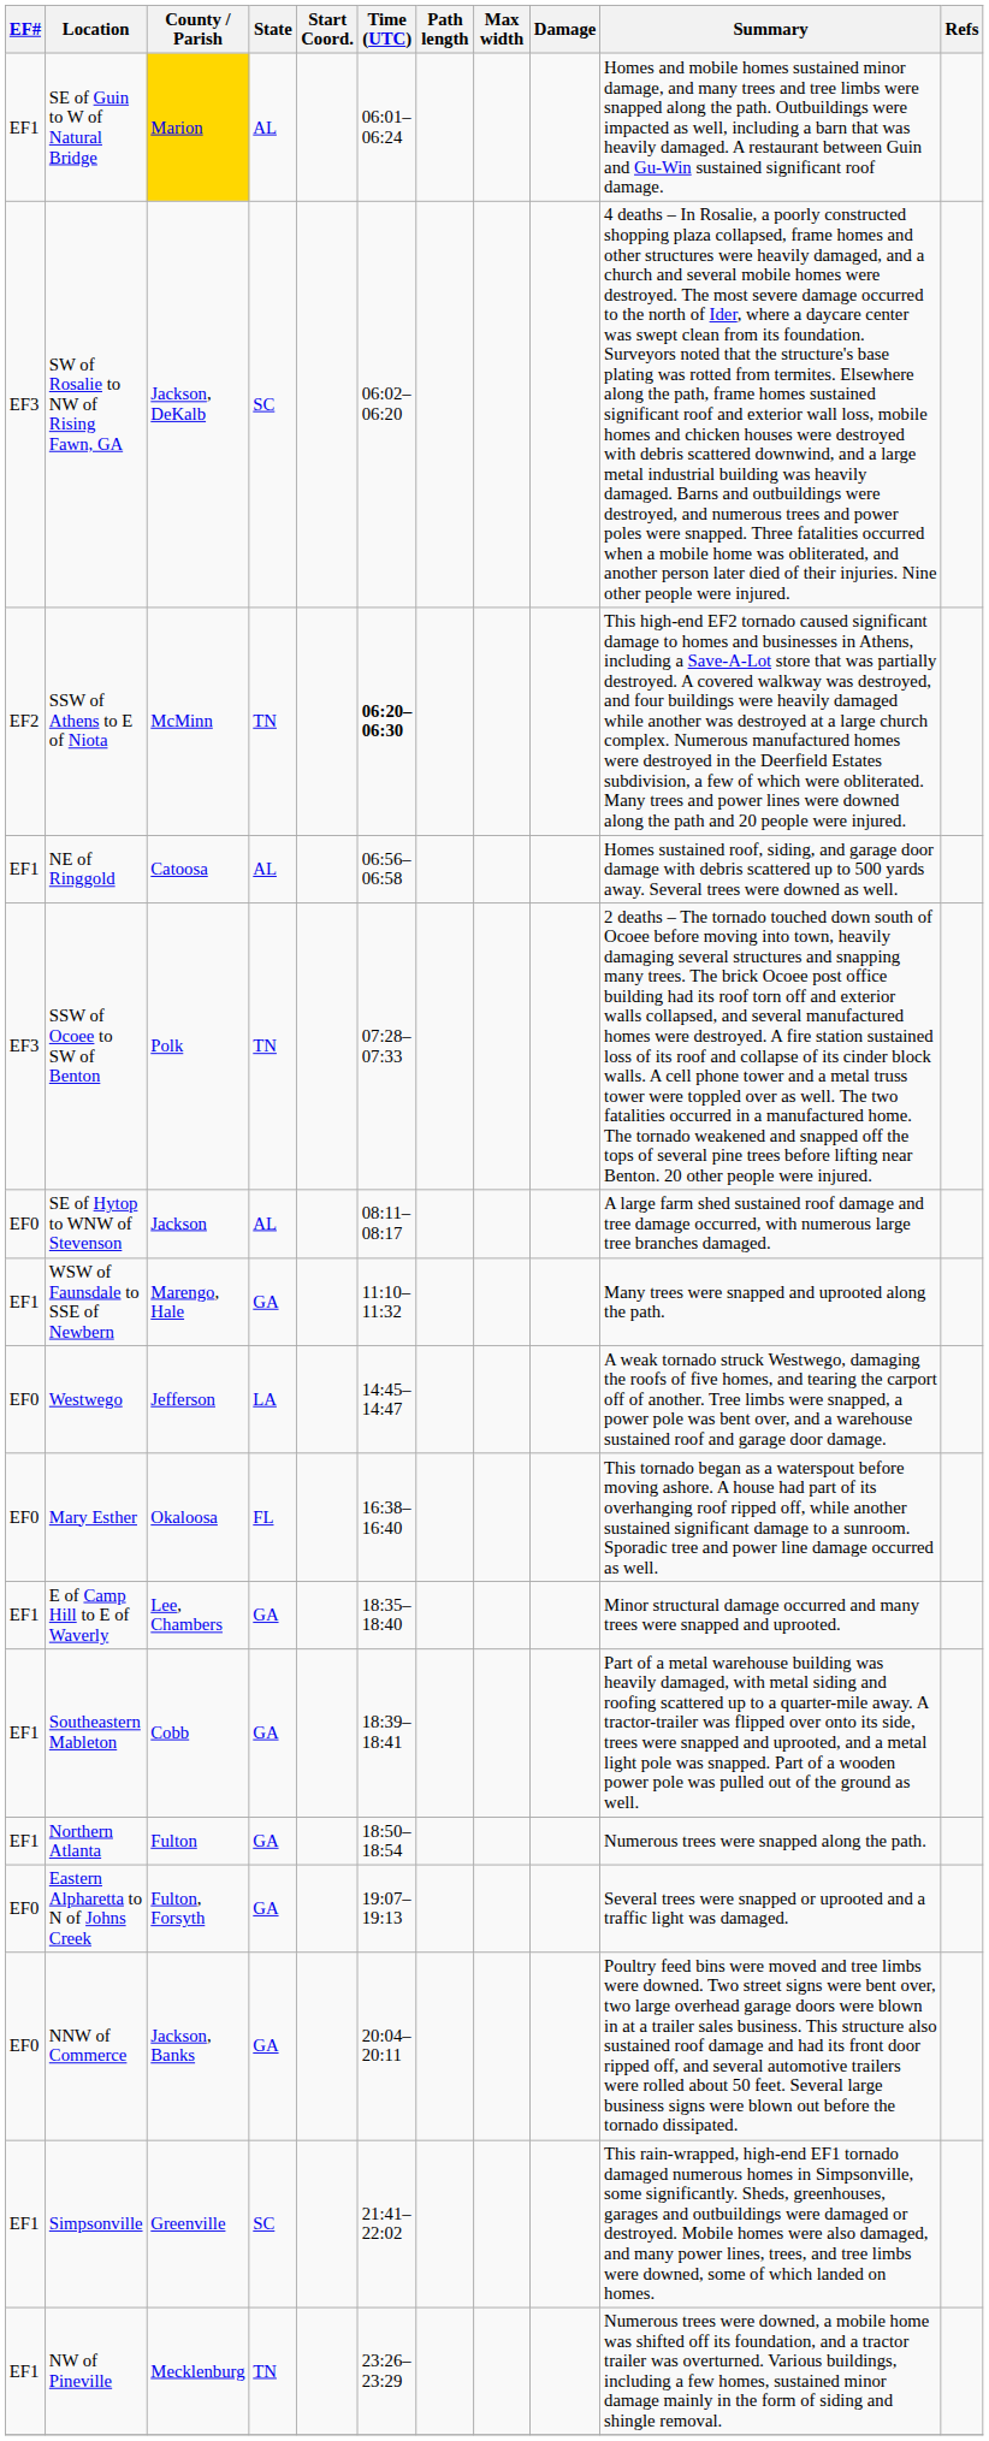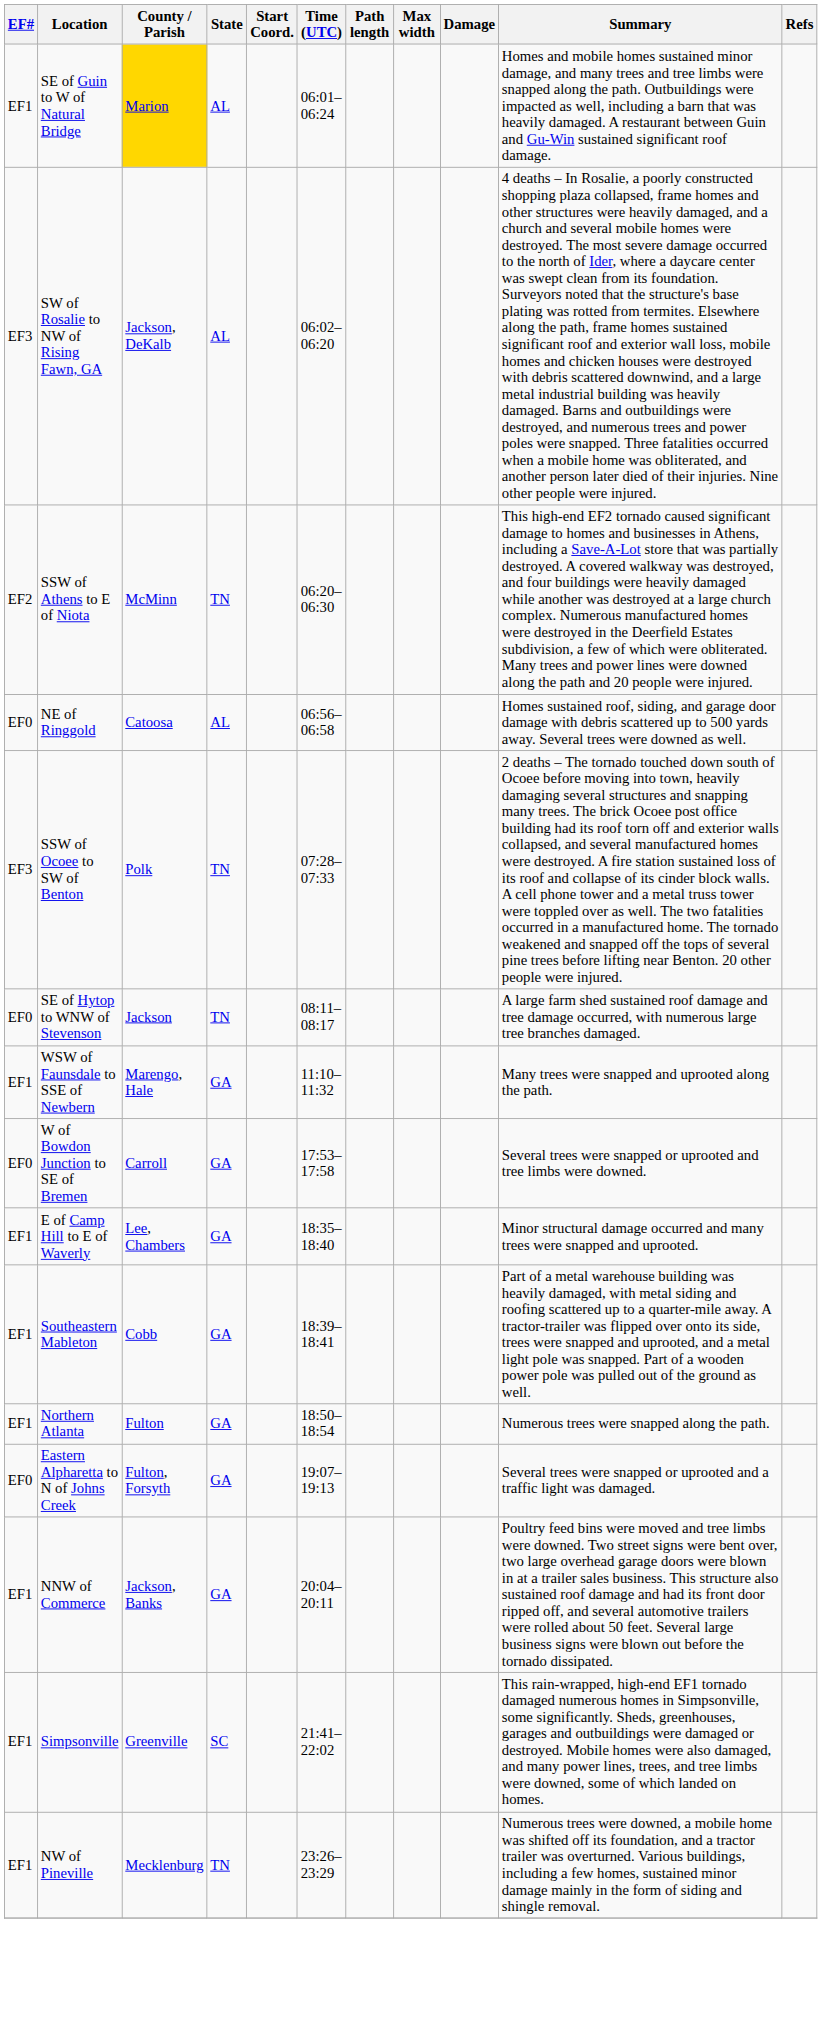 <table class="wikitable sortable" style="width:100%;">
 <tr>
 <th scope="col"  style="width:3%; text-align:center;"><a href='#'>EF#</a></th>
 <th scope="col"  style="width:7%; text-align:center;" class="unsortable">Location</th>
 <th scope="col"  style="width:6%; text-align:center;" class="unsortable">County / Parish</th>
 <th scope="col"  style="width:5%; text-align:center;">State</th>
 <th scope="col"  style="width:6%; text-align:center;">Start Coord.</th>
 <th scope="col"  style="width:6%; text-align:center;">Time (<a href='#'>UTC</a>)</th>
 <th scope="col"  style="width:6%; text-align:center;">Path length</th>
 <th scope="col"  style="width:6%; text-align:center;">Max width</th>
 <th scope="col"  style="width:6%; text-align:center;">Damage</th>
 <th scope="col" class="unsortable" style="width:48%; text-align:center;">Summary</th>
 <th scope="col" class="unsortable" style="width:48%; text-align:center;">Refs</th>
 </tr>
 <tr>
 <td>EF1</td>
 <td>SE of <a href='#'>Guin</a> to W of <a href='#'>Natural Bridge</a></td>
 <td style="background: gold;"><a href='#'>Marion</a></td>
 <td><a href='#'>AL</a></td>
 <td></td>
 <td>06:01–06:24</td>
 <td></td>
 <td></td>
 <td></td>
 <td>Homes and mobile homes sustained minor damage, and many trees and tree limbs were snapped along the path. Outbuildings were impacted as well, including a barn that was heavily damaged. A restaurant between Guin and <a href='#'>Gu-Win</a> sustained significant roof damage.</td>
 <td></td>
 </tr>
 <tr>
 <td>EF3</td>
 <td>SW of <a href='#'>Rosalie</a> to NW of <a href='#'>Rising Fawn, GA</a></td>
 <td><a href='#'>Jackson</a>, <a href='#'>DeKalb</a></td>
-<td><a href='#'>SC</a></td>
+<td><a href='#'>AL</a></td>
 <td></td>
 <td>06:02–06:20</td>
 <td></td>
 <td></td>
 <td></td>
 <td>4 deaths – In Rosalie, a poorly constructed shopping plaza collapsed, frame homes and other structures were heavily damaged, and a church and several mobile homes were destroyed. The most severe damage occurred to the north of <a href='#'>Ider</a>, where a daycare center was swept clean from its foundation. Surveyors noted that the structure's base plating was rotted from termites. Elsewhere along the path, frame homes sustained significant roof and exterior wall loss, mobile homes and chicken houses were destroyed with debris scattered downwind, and a large metal industrial building was heavily damaged. Barns and outbuildings were destroyed, and numerous trees and power poles were snapped. Three fatalities occurred when a mobile home was obliterated, and another person later died of their injuries. Nine other people were injured.</td>
 <td></td>
 </tr>
 <tr>
 <td>EF2</td>
 <td>SSW of <a href='#'>Athens</a> to E of <a href='#'>Niota</a></td>
 <td><a href='#'>McMinn</a></td>
 <td><a href='#'>TN</a></td>
 <td></td>
-<td><strong>06:20–06:30</strong></td>
+<td>06:20–06:30</td>
 <td></td>
 <td></td>
 <td></td>
 <td>This high-end EF2 tornado caused significant damage to homes and businesses in Athens, including a <a href='#'>Save-A-Lot</a> store that was partially destroyed. A covered walkway was destroyed, and four buildings were heavily damaged while another was destroyed at a large church complex. Numerous manufactured homes were destroyed in the Deerfield Estates subdivision, a few of which were obliterated. Many trees and power lines were downed along the path and 20 people were injured.</td>
 <td></td>
 </tr>
 <tr>
-<td>EF1</td>
+<td>EF0</td>
 <td>NE of <a href='#'>Ringgold</a></td>
 <td><a href='#'>Catoosa</a></td>
 <td><a href='#'>AL</a></td>
 <td></td>
 <td>06:56–06:58</td>
 <td></td>
 <td></td>
 <td></td>
 <td>Homes sustained roof, siding, and garage door damage with debris scattered up to 500 yards away. Several trees were downed as well.</td>
 <td></td>
 </tr>
 <tr>
 <td>EF3</td>
 <td>SSW of <a href='#'>Ocoee</a> to SW of <a href='#'>Benton</a></td>
 <td><a href='#'>Polk</a></td>
 <td><a href='#'>TN</a></td>
 <td></td>
 <td>07:28–07:33</td>
 <td></td>
 <td></td>
 <td></td>
 <td>2 deaths – The tornado touched down south of Ocoee before moving into town, heavily damaging several structures and snapping many trees. The brick Ocoee post office building had its roof torn off and exterior walls collapsed, and several manufactured homes were destroyed. A fire station sustained loss of its roof and collapse of its cinder block walls. A cell phone tower and a metal truss tower were toppled over as well. The two fatalities occurred in a manufactured home. The tornado weakened and snapped off the tops of several pine trees before lifting near Benton. 20 other people were injured.</td>
 <td></td>
 </tr>
 <tr>
 <td>EF0</td>
 <td>SE of <a href='#'>Hytop</a> to WNW of <a href='#'>Stevenson</a></td>
 <td><a href='#'>Jackson</a></td>
-<td><a href='#'>AL</a></td>
+<td><a href='#'>TN</a></td>
 <td></td>
 <td>08:11–08:17</td>
 <td></td>
 <td></td>
 <td></td>
 <td>A large farm shed sustained roof damage and tree damage occurred, with numerous large tree branches damaged.</td>
 <td></td>
 </tr>
 <tr>
 <td>EF1</td>
 <td>WSW of <a href='#'>Faunsdale</a> to SSE of <a href='#'>Newbern</a></td>
 <td><a href='#'>Marengo</a>, <a href='#'>Hale</a></td>
 <td><a href='#'>GA</a></td>
 <td></td>
 <td>11:10–11:32</td>
 <td></td>
 <td></td>
 <td></td>
 <td>Many trees were snapped and uprooted along the path.</td>
 <td></td>
 </tr>
 <tr>
 <td>EF0</td>
-<td><a href='#'>Westwego</a></td>
-<td><a href='#'>Jefferson</a></td>
-<td><a href='#'>LA</a></td>
+<td>W of <a href='#'>Bowdon Junction</a> to SE of <a href='#'>Bremen</a></td>
+<td><a href='#'>Carroll</a></td>
+<td><a href='#'>GA</a></td>
 <td></td>
-<td>14:45–14:47</td>
+<td>17:53–17:58</td>
 <td></td>
 <td></td>
 <td></td>
-<td>A weak tornado struck Westwego, damaging the roofs of five homes, and tearing the carport off of another. Tree limbs were snapped, a power pole was bent over, and a warehouse sustained roof and garage door damage.</td>
-<td></td>
-</tr>
-<tr>
-<td>EF0</td>
-<td><a href='#'>Mary Esther</a></td>
-<td><a href='#'>Okaloosa</a></td>
-<td><a href='#'>FL</a></td>
-<td></td>
-<td>16:38–16:40</td>
-<td></td>
-<td></td>
-<td></td>
-<td>This tornado began as a waterspout before moving ashore. A house had part of its overhanging roof ripped off, while another sustained significant damage to a sunroom. Sporadic tree and power line damage occurred as well.</td>
+<td>Several trees were snapped or uprooted and tree limbs were downed.</td>
 <td></td>
 </tr>
 <tr>
 <td>EF1</td>
 <td>E of <a href='#'>Camp Hill</a> to E of <a href='#'>Waverly</a></td>
 <td><a href='#'>Lee</a>, <a href='#'>Chambers</a></td>
 <td><a href='#'>GA</a></td>
 <td></td>
 <td>18:35–18:40</td>
 <td></td>
 <td></td>
 <td></td>
 <td>Minor structural damage occurred and many trees were snapped and uprooted.</td>
 <td></td>
 </tr>
 <tr>
 <td>EF1</td>
 <td><a href='#'>Southeastern Mableton</a></td>
 <td><a href='#'>Cobb</a></td>
 <td><a href='#'>GA</a></td>
 <td></td>
 <td>18:39–18:41</td>
 <td></td>
 <td></td>
 <td></td>
 <td>Part of a metal warehouse building was heavily damaged, with metal siding and roofing scattered up to a quarter-mile away. A tractor-trailer was flipped over onto its side, trees were snapped and uprooted, and a metal light pole was snapped. Part of a wooden power pole was pulled out of the ground as well.</td>
 <td></td>
 </tr>
 <tr>
 <td>EF1</td>
 <td><a href='#'>Northern Atlanta</a></td>
 <td><a href='#'>Fulton</a></td>
 <td><a href='#'>GA</a></td>
 <td></td>
 <td>18:50–18:54</td>
 <td></td>
 <td></td>
 <td></td>
 <td>Numerous trees were snapped along the path.</td>
 <td></td>
 </tr>
 <tr>
 <td>EF0</td>
 <td><a href='#'>Eastern Alpharetta</a> to N of <a href='#'>Johns Creek</a></td>
 <td><a href='#'>Fulton</a>, <a href='#'>Forsyth</a></td>
 <td><a href='#'>GA</a></td>
 <td></td>
 <td>19:07–19:13</td>
 <td></td>
 <td></td>
 <td></td>
 <td>Several trees were snapped or uprooted and a traffic light was damaged.</td>
 <td></td>
 </tr>
 <tr>
-<td>EF0</td>
+<td>EF1</td>
 <td>NNW of <a href='#'>Commerce</a></td>
 <td><a href='#'>Jackson</a>, <a href='#'>Banks</a></td>
 <td><a href='#'>GA</a></td>
 <td></td>
 <td>20:04–20:11</td>
 <td></td>
 <td></td>
 <td></td>
 <td>Poultry feed bins were moved and tree limbs were downed. Two street signs were bent over,  two large overhead garage doors were blown in at a trailer sales business. This structure also sustained roof damage and had its front door ripped off, and several automotive trailers were rolled about 50 feet. Several large business signs were blown out before the tornado dissipated.</td>
 <td></td>
 </tr>
 <tr>
 <td>EF1</td>
 <td><a href='#'>Simpsonville</a></td>
 <td><a href='#'>Greenville</a></td>
 <td><a href='#'>SC</a></td>
 <td></td>
 <td>21:41–22:02</td>
 <td></td>
 <td></td>
 <td></td>
 <td>This rain-wrapped, high-end EF1 tornado damaged numerous homes in Simpsonville, some significantly. Sheds, greenhouses, garages and outbuildings were damaged or destroyed. Mobile homes were also damaged, and many power lines, trees, and tree limbs were downed, some of which landed on homes.</td>
 <td></td>
 </tr>
 <tr>
 <td>EF1</td>
 <td>NW of <a href='#'>Pineville</a></td>
 <td><a href='#'>Mecklenburg</a></td>
 <td><a href='#'>TN</a></td>
 <td></td>
 <td>23:26–23:29</td>
 <td></td>
 <td></td>
 <td></td>
 <td>Numerous trees were downed, a mobile home was shifted off its foundation, and a tractor trailer was overturned. Various buildings, including a few homes, sustained minor damage mainly in the form of siding and shingle removal.</td>
 <td></td>
 </tr>
 <tr>
 </tr>
 </table>
